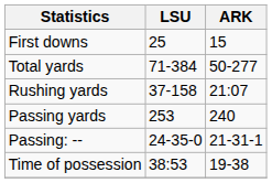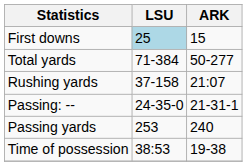 <table class="wikitable" style="float: left;">
 <tr>
 <th>Statistics</th>
 <th>LSU</th>
 <th>ARK</th>
 </tr>
 <tr>
 <td>First downs</td>
-<td>25</td>
+<td style="background: lightblue;">25</td>
 <td>15</td>
 </tr>
 <tr>
 <td>Total yards</td>
 <td>71-384</td>
 <td>50-277</td>
 </tr>
 <tr>
 <td>Rushing yards</td>
 <td>37-158</td>
 <td>21:07</td>
 </tr>
 <tr>
+<td>Passing: --</td>
+<td>24-35-0</td>
+<td>21-31-1</td>
+</tr>
+<tr>
 <td>Passing yards</td>
 <td>253</td>
 <td>240</td>
-</tr>
-<tr>
-<td>Passing: --</td>
-<td>24-35-0</td>
-<td>21-31-1</td>
 </tr>
 <tr>
 <td>Time of possession</td>
 <td>38:53</td>
 <td>19-38</td>
 </tr>
 <tr>
 </tr>
 </table>
